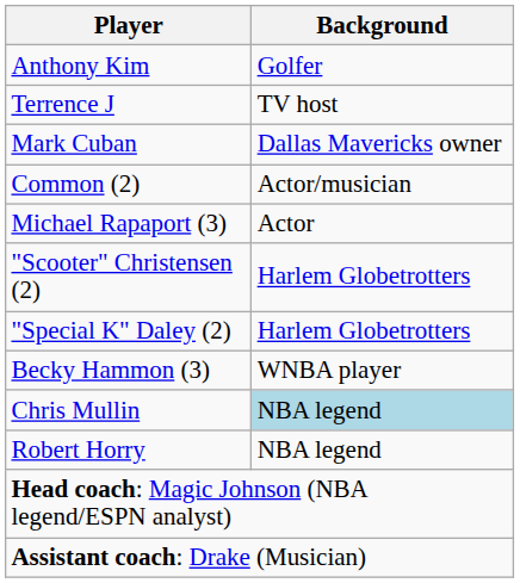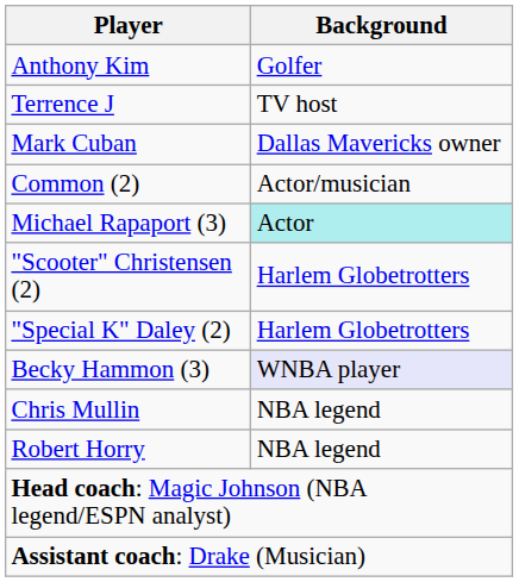 <table class="wikitable">
 <tr>
 <th width=150>Player</th>
 <th width=160>Background</th>
 </tr>
 <tr>
 <td><a href='#'>Anthony Kim</a></td>
 <td><a href='#'>Golfer</a></td>
 </tr>
 <tr>
 <td><a href='#'>Terrence J</a></td>
 <td>TV host</td>
 </tr>
 <tr>
 <td><a href='#'>Mark Cuban</a></td>
 <td><a href='#'>Dallas Mavericks</a> owner</td>
 </tr>
 <tr>
 <td><a href='#'>Common</a> (2)</td>
 <td>Actor/musician</td>
 </tr>
 <tr>
 <td><a href='#'>Michael Rapaport</a> (3)</td>
-<td>Actor</td>
+<td style="background: paleturquoise;">Actor</td>
 </tr>
 <tr>
 <td><a href='#'>"Scooter" Christensen</a> (2)</td>
 <td><a href='#'>Harlem Globetrotters</a></td>
 </tr>
 <tr>
 <td><a href='#'>"Special K" Daley</a> (2)</td>
 <td><a href='#'>Harlem Globetrotters</a></td>
 </tr>
 <tr>
 <td><a href='#'>Becky Hammon</a> (3)</td>
-<td>WNBA player</td>
+<td style="background: lavender;">WNBA player</td>
 </tr>
 <tr>
 <td><a href='#'>Chris Mullin</a></td>
-<td style="background: lightblue;">NBA legend</td>
+<td>NBA legend</td>
 </tr>
 <tr>
 <td><a href='#'>Robert Horry</a></td>
 <td>NBA legend</td>
 </tr>
 <tr>
 <td colspan="3"><strong>Head coach</strong>: <a href='#'>Magic Johnson</a> (NBA legend/ESPN analyst)</td>
 </tr>
 <tr>
 <td colspan="3"><strong>Assistant coach</strong>: <a href='#'>Drake</a> (Musician)</td>
 </tr>
 </table>
